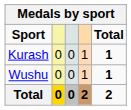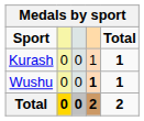 <table class=wikitable style="font-size:85%; float:right;text-align:center">
 <tr bgcolor=EFEFEF>
 <th colspan=7><strong>Medals by sport</strong></th>
 </tr>
 <tr>
 <td><strong>Sport</strong></td>
 <td bgcolor=F7F6A8></td>
 <td bgcolor=DCE5E5></td>
 <td bgcolor=FFDBA9></td>
 <td><strong>Total</strong></td>
 </tr>
 <tr>
 <td><a href='#'>Kurash</a></td>
 <td bgcolor=F7F6A8>0</td>
 <td bgcolor=DCE5E5>0</td>
 <td bgcolor=FFDAB9>1</td>
 <td><strong>1</strong></td>
 </tr>
 <tr>
 <td><a href='#'>Wushu</a></td>
 <td bgcolor=F7F6A8>0</td>
 <td bgcolor=DCE5E5>0</td>
-<td bgcolor=FFDAB9>1</td>
+<td bgcolor=FFDAB9><strong>1</strong></td>
 <td><strong>1</strong></td>
 </tr>
 <tr>
 <th><strong>Total</strong></th>
 <td style="background:gold;"><strong>0</strong></td>
 <td style="background:silver;"><strong>0</strong></td>
 <td style="background:#c96;"><strong>2</strong></td>
 <td><strong>2</strong></td>
 </tr>
 </table>
